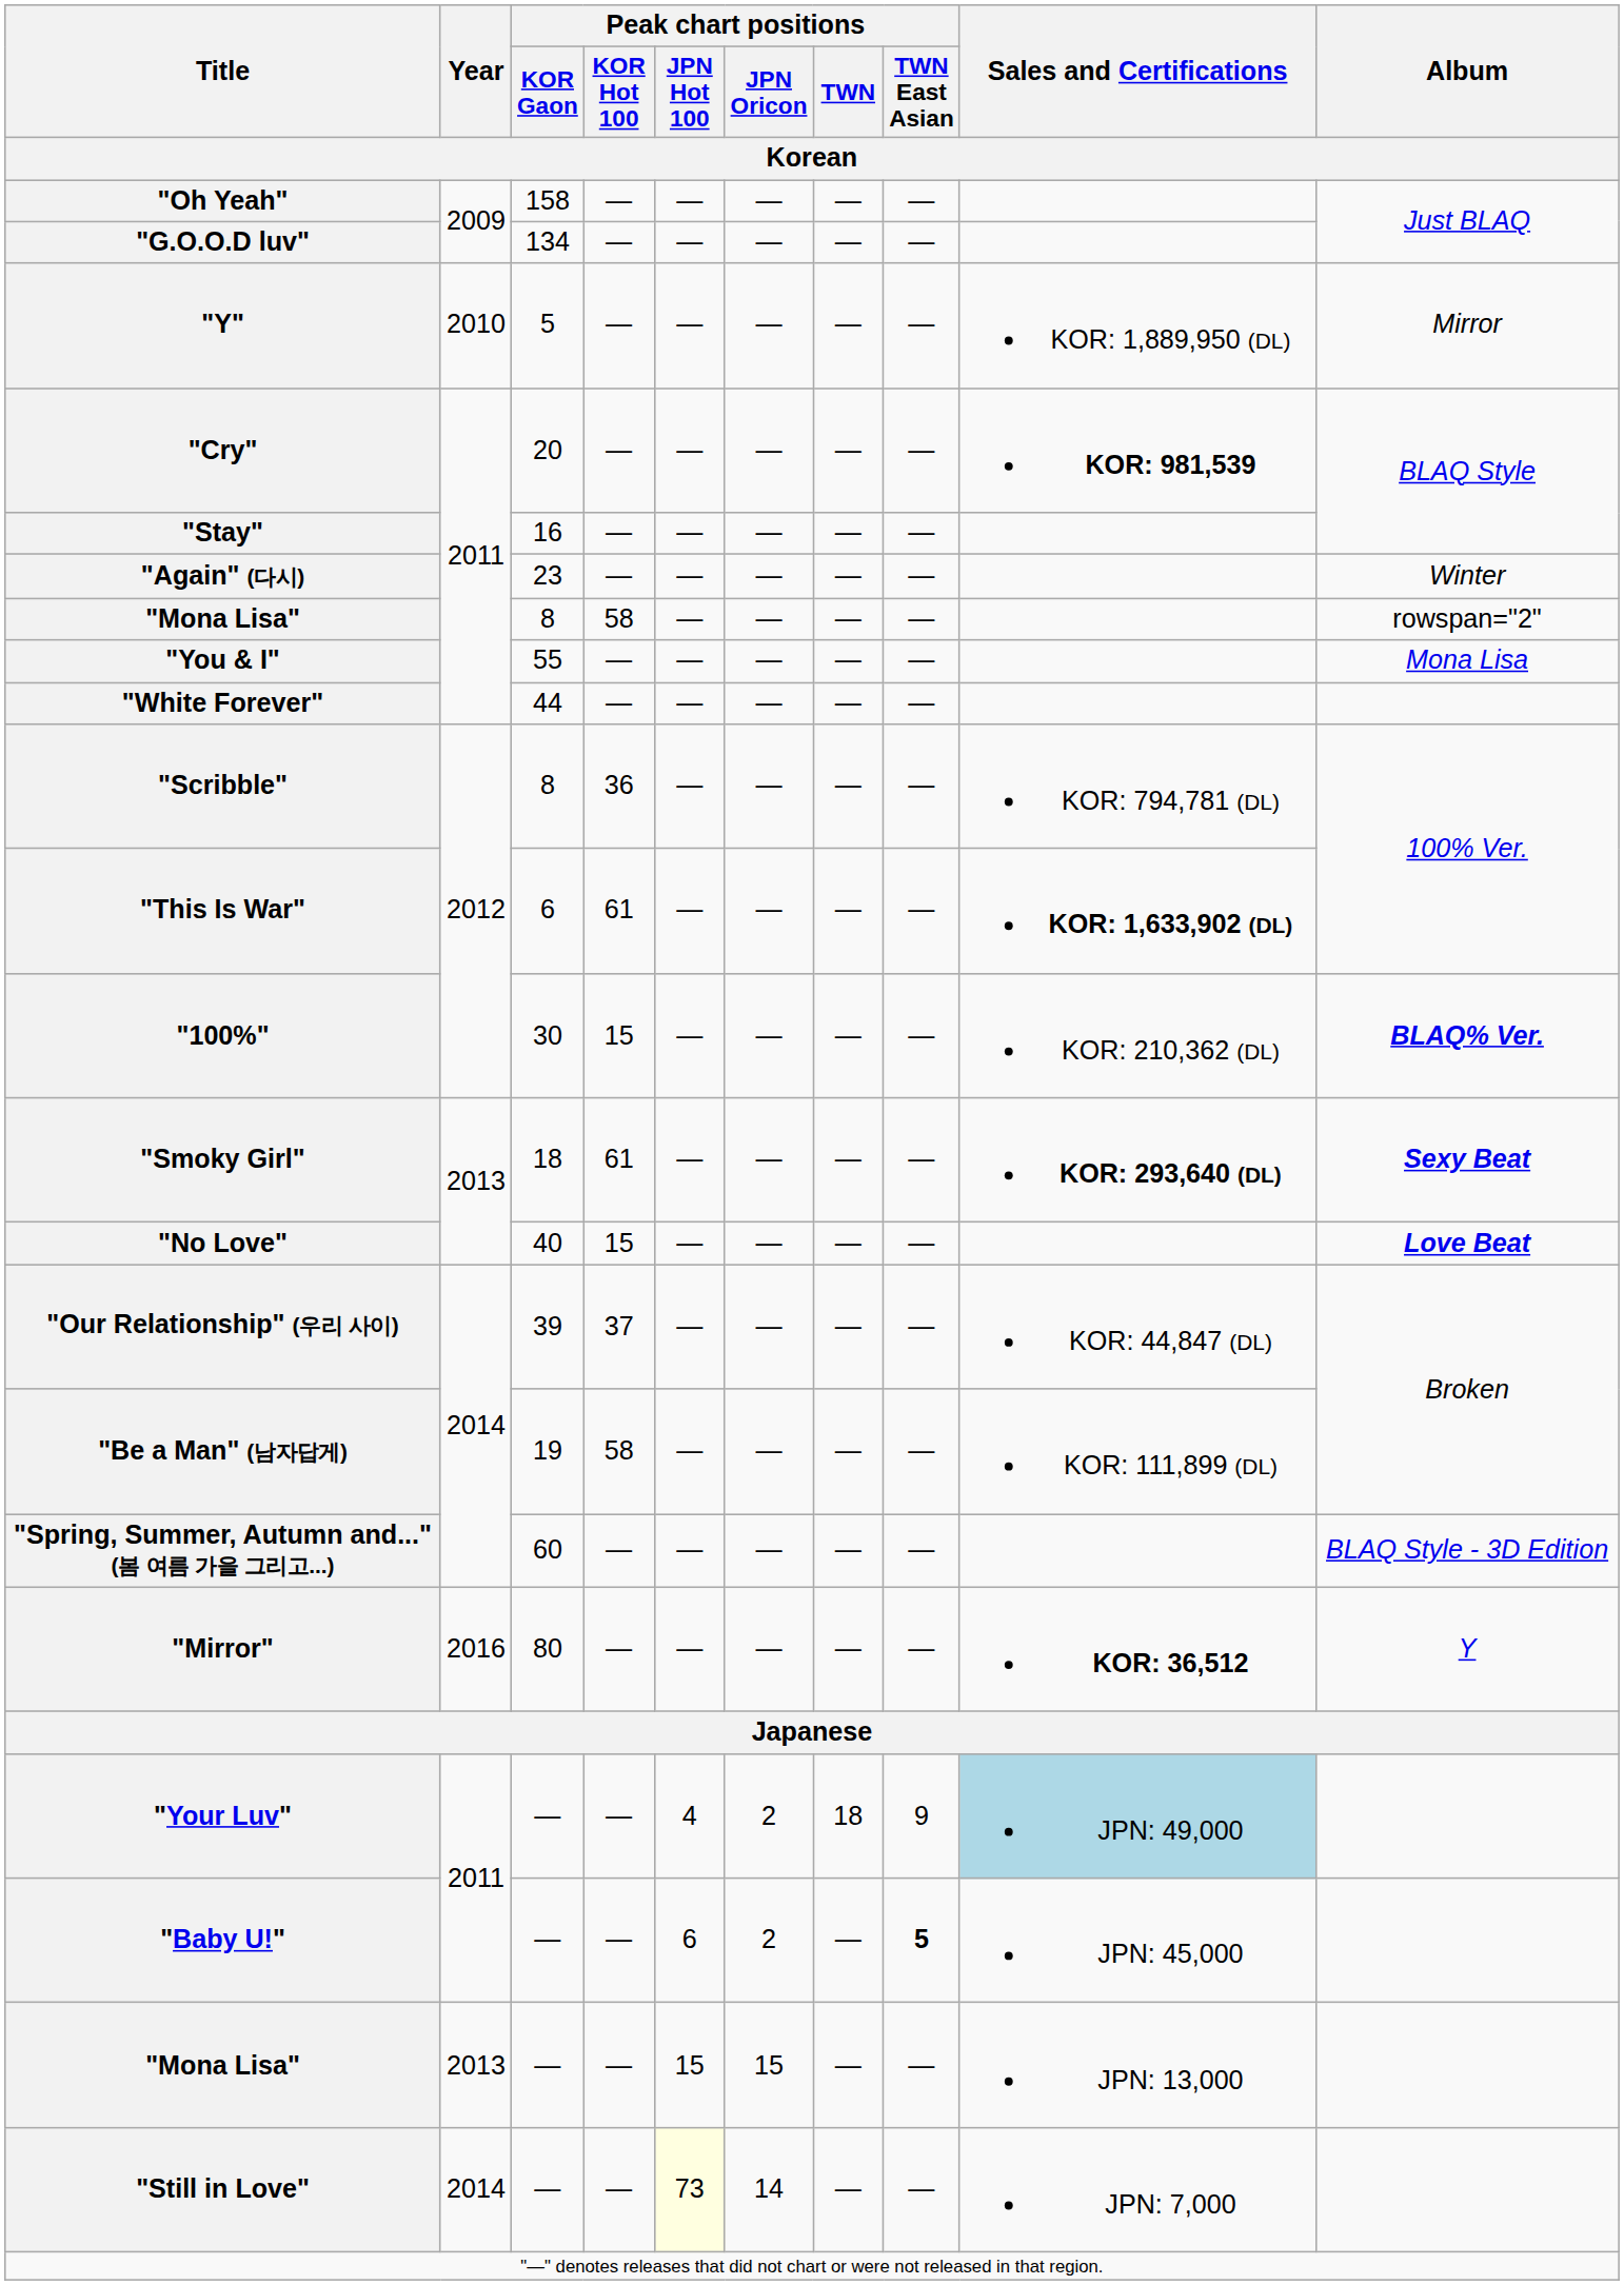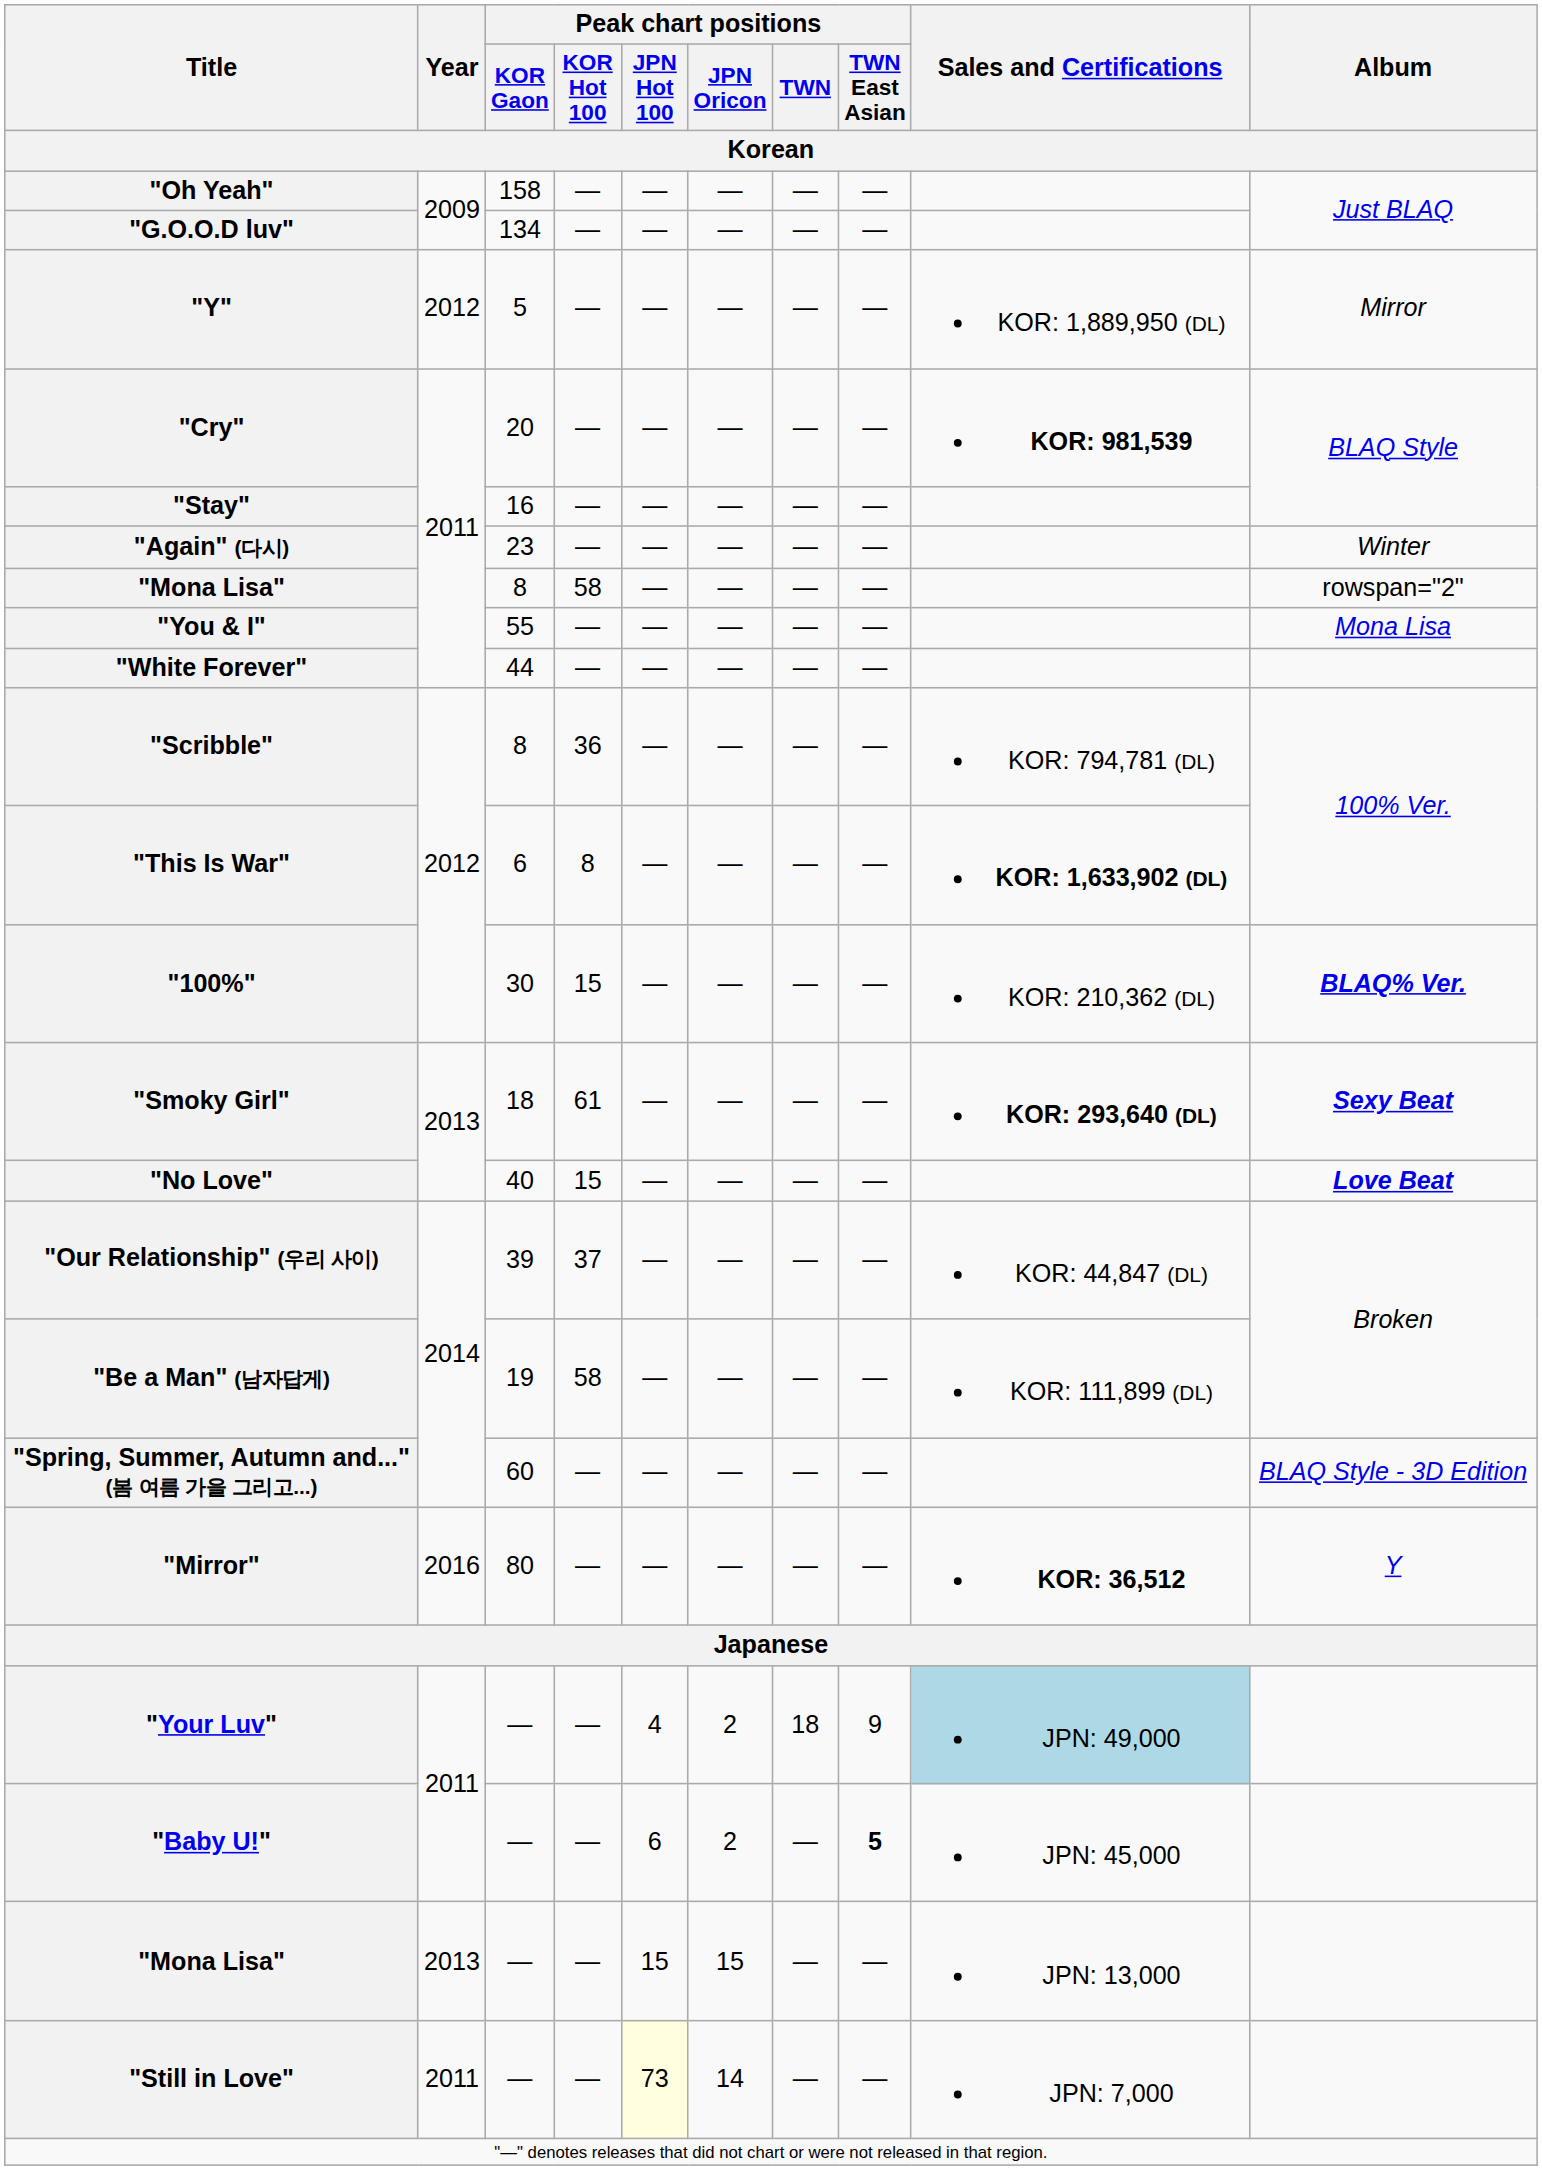 <table class="wikitable plainrowheaders" style="text-align:center;">
 <tr>
 <th scope="col" rowspan="2" style="width:16em;">Title</th>
 <th scope="col" rowspan="2">Year</th>
 <th scope="col" colspan="6">Peak chart positions</th>
 <th scope="col" rowspan="2" style="width:13em;">Sales and <a href='#'>Certifications</a></th>
 <th scope="col" rowspan="2" style="width:11em;">Album</th>
 </tr>
 <tr>
 <th scope="col" style="width:2.5em;font-size:90%;"><a href='#'>KOR<br>Gaon</a><br></th>
 <th scope="col" style="width:2.5em;font-size:90%;"><a href='#'>KOR<br>Hot 100</a><br></th>
 <th scope="col" style="width:2.5em;font-size:90%;"><a href='#'>JPN<br>Hot 100</a><br></th>
 <th scope="col" style="width:2.5em;font-size:90%;"><a href='#'>JPN<br>Oricon</a><br></th>
 <th scope="col" style="width:2.5em;font-size:90%;"><a href='#'>TWN</a><br></th>
 <th scope="col" style="width:2.5em;font-size:90%;"><a href='#'>TWN</a> East Asian<br></th>
 </tr>
 <tr>
 <th colspan="10">Korean</th>
 </tr>
 <tr>
 <th scope="row">"Oh Yeah"</th>
 <td rowspan="2">2009</td>
 <td>158</td>
 <td>—</td>
 <td>—</td>
 <td>—</td>
 <td>—</td>
 <td>—</td>
 <td></td>
 <td rowspan="2"><em><a href='#'>Just BLAQ</a></em></td>
 </tr>
 <tr>
 <th scope="row">"G.O.O.D luv"</th>
 <td>134</td>
 <td>—</td>
 <td>—</td>
 <td>—</td>
 <td>—</td>
 <td>—</td>
 <td></td>
 </tr>
 <tr>
 <th scope="row">"Y"</th>
-<td>2010</td>
+<td>2012</td>
 <td>5</td>
 <td>—</td>
 <td>—</td>
 <td>—</td>
 <td>—</td>
 <td>—</td>
 <td><br><ul><li>KOR: 1,889,950 <small>(DL)</small></li></ul></td>
 <td><em>Mirror</em></td>
 </tr>
 <tr>
 <th scope="row">"Cry"</th>
 <td rowspan="6">2011</td>
 <td>20</td>
 <td>—</td>
 <td>—</td>
 <td>—</td>
 <td>—</td>
 <td>—</td>
 <td><strong><br><ul><li>KOR: 981,539</li></ul></strong></td>
 <td rowspan="2"><em><a href='#'>BLAQ Style</a></em></td>
 </tr>
 <tr>
 <th scope="row">"Stay"</th>
 <td>16</td>
 <td>—</td>
 <td>—</td>
 <td>—</td>
 <td>—</td>
 <td>—</td>
 <td></td>
 </tr>
 <tr>
 <th scope="row">"Again" <small>(다시)</small></th>
 <td>23</td>
 <td>—</td>
 <td>—</td>
 <td>—</td>
 <td>—</td>
 <td>—</td>
 <td></td>
 <td><em>Winter</em></td>
 </tr>
 <tr>
 <th scope="row">"Mona Lisa"</th>
 <td>8</td>
 <td>58</td>
 <td>—</td>
 <td>—</td>
 <td>—</td>
 <td>—</td>
 <td></td>
 <td>rowspan="2" </td>
 </tr>
 <tr>
 <th scope="row">"You & I"</th>
 <td>55</td>
 <td>—</td>
 <td>—</td>
 <td>—</td>
 <td>—</td>
 <td>—</td>
 <td></td>
 <td><em><a href='#'>Mona Lisa</a></em></td>
 </tr>
 <tr>
 <th scope="row">"White Forever"</th>
 <td>44</td>
 <td>—</td>
 <td>—</td>
 <td>—</td>
 <td>—</td>
 <td>—</td>
 <td></td>
 </tr>
 <tr>
 <th scope="row">"Scribble"</th>
 <td rowspan="3">2012</td>
 <td>8</td>
 <td>36</td>
 <td>—</td>
 <td>—</td>
 <td>—</td>
 <td>—</td>
 <td><br><ul><li>KOR: 794,781 <small>(DL)</small></li></ul></td>
 <td rowspan="2"><em><a href='#'>100% Ver.</a></em></td>
 </tr>
 <tr>
 <th scope="row">"This Is War"</th>
 <td>6</td>
-<td>61</td>
+<td>8</td>
 <td>—</td>
 <td>—</td>
 <td>—</td>
 <td>—</td>
 <td><strong><br><ul><li>KOR: 1,633,902 <small>(DL)</small></li></ul></strong></td>
 </tr>
 <tr>
 <th scope="row">"100%"</th>
 <td>30</td>
 <td>15</td>
 <td>—</td>
 <td>—</td>
 <td>—</td>
 <td>—</td>
 <td><br><ul><li>KOR: 210,362 <small>(DL)</small></li></ul></td>
 <td><strong><em><a href='#'>BLAQ% Ver.</a></em></strong></td>
 </tr>
 <tr>
 <th scope="row">"Smoky Girl"</th>
 <td rowspan="2">2013</td>
 <td>18</td>
 <td>61</td>
 <td>—</td>
 <td>—</td>
 <td>—</td>
 <td>—</td>
 <td><strong><br><ul><li>KOR: 293,640 <small>(DL)</small></li></ul></strong></td>
 <td><strong><em><a href='#'>Sexy Beat</a></em></strong></td>
 </tr>
 <tr>
 <th scope="row">"No Love"</th>
 <td>40</td>
 <td>15</td>
 <td>—</td>
 <td>—</td>
 <td>—</td>
 <td>—</td>
 <td></td>
 <td><strong><em><a href='#'>Love Beat</a></em></strong></td>
 </tr>
 <tr>
 <th scope="row">"Our Relationship" <small>(우리 사이)</small></th>
 <td rowspan="3">2014</td>
 <td>39</td>
 <td>37</td>
 <td>—</td>
 <td>—</td>
 <td>—</td>
 <td>—</td>
 <td><br><ul><li>KOR: 44,847 <small>(DL)</small></li></ul></td>
 <td rowspan="2"><em>Broken</em></td>
 </tr>
 <tr>
 <th scope="row">"Be a Man" <small>(남자답게)</small></th>
 <td>19</td>
 <td>58</td>
 <td>—</td>
 <td>—</td>
 <td>—</td>
 <td>—</td>
 <td><br><ul><li>KOR: 111,899 <small>(DL)</small></li></ul></td>
 </tr>
 <tr>
 <th scope="row">"Spring, Summer, Autumn and..." <small>(봄 여름 가을 그리고...)</small></th>
 <td>60</td>
 <td>—</td>
 <td>—</td>
 <td>—</td>
 <td>—</td>
 <td>—</td>
 <td></td>
 <td><em><a href='#'>BLAQ Style - 3D Edition</a></em></td>
 </tr>
 <tr>
 <th scope="row">"Mirror"</th>
 <td>2016</td>
 <td>80</td>
 <td>—</td>
 <td>—</td>
 <td>—</td>
 <td>—</td>
 <td>—</td>
 <td><strong><br><ul><li>KOR: 36,512</li></ul></strong></td>
 <td><em><a href='#'>Y</a></em></td>
 </tr>
 <tr>
 <th colspan="10">Japanese</th>
 </tr>
 <tr>
 <th scope="row">"<a href='#'>Your Luv</a>"</th>
 <td rowspan="2">2011</td>
 <td>—</td>
 <td>—</td>
 <td>4</td>
 <td>2</td>
 <td>18</td>
 <td>9</td>
 <td style="background: lightblue;"><br><ul><li>JPN: 49,000</li></ul></td>
 <td></td>
 </tr>
 <tr>
 <th scope="row">"<a href='#'>Baby U!</a>"</th>
 <td>—</td>
 <td>—</td>
 <td>6</td>
 <td>2</td>
 <td>—</td>
 <td><strong>5</strong></td>
 <td><br><ul><li>JPN: 45,000</li></ul></td>
 <td></td>
 </tr>
 <tr>
 <th scope="row">"Mona Lisa"</th>
 <td>2013</td>
 <td>—</td>
 <td>—</td>
 <td>15</td>
 <td>15</td>
 <td>—</td>
 <td>—</td>
 <td><br><ul><li>JPN: 13,000</li></ul></td>
 <td></td>
 </tr>
 <tr>
 <th scope="row">"Still in Love"</th>
-<td>2014</td>
+<td>2011</td>
 <td>—</td>
 <td>—</td>
 <td style="background: lightyellow;">73</td>
 <td>14</td>
 <td>—</td>
 <td>—</td>
 <td><br><ul><li>JPN: 7,000</li></ul></td>
 <td></td>
 </tr>
 <tr>
 <td colspan="10" style="font-size:8pt;">"—" denotes releases that did not chart or were not released in that region.</td>
 </tr>
 </table>
